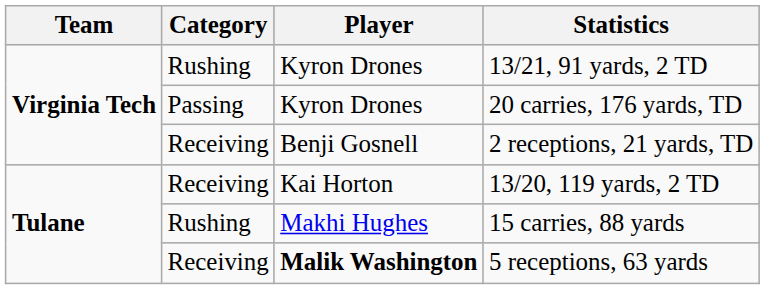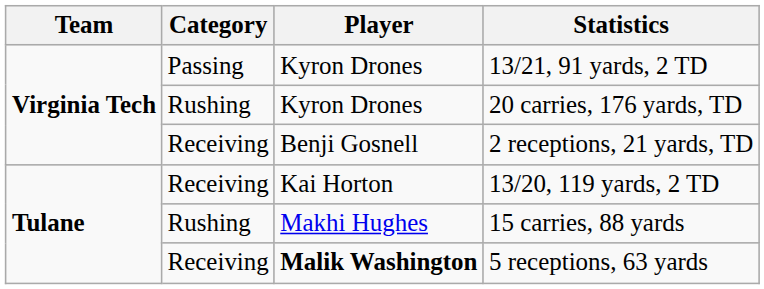 <table class="wikitable" style="float: right;">
 <tr>
 <th>Team</th>
 <th>Category</th>
 <th>Player</th>
 <th>Statistics</th>
 </tr>
 <tr>
 <td rowspan=3><strong>Virginia Tech</strong></td>
-<td>Rushing</td>
+<td>Passing</td>
 <td>Kyron Drones</td>
 <td>13/21, 91 yards, 2 TD</td>
 </tr>
 <tr>
-<td>Passing</td>
+<td>Rushing</td>
 <td>Kyron Drones</td>
 <td>20 carries, 176 yards, TD</td>
 </tr>
 <tr>
 <td>Receiving</td>
 <td>Benji Gosnell</td>
 <td>2 receptions, 21 yards, TD</td>
 </tr>
 <tr>
 <td rowspan=3><strong>Tulane</strong></td>
 <td>Receiving</td>
 <td>Kai Horton</td>
 <td>13/20, 119 yards, 2 TD</td>
 </tr>
 <tr>
 <td>Rushing</td>
 <td><a href='#'>Makhi Hughes</a></td>
 <td>15 carries, 88 yards</td>
 </tr>
 <tr>
 <td>Receiving</td>
 <td><strong>Malik Washington</strong></td>
 <td>5 receptions, 63 yards</td>
 </tr>
 </table>
